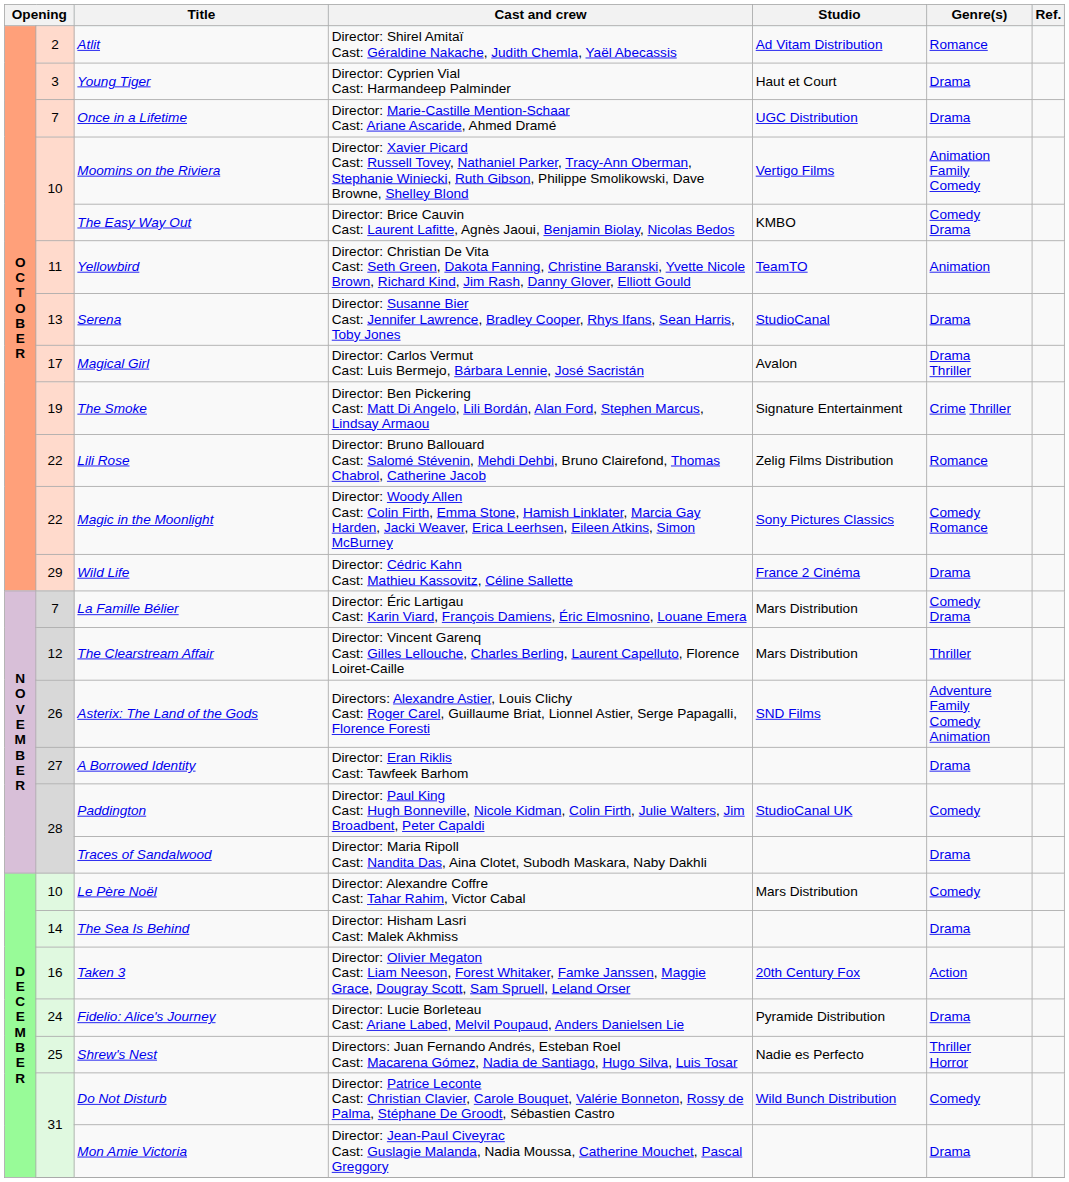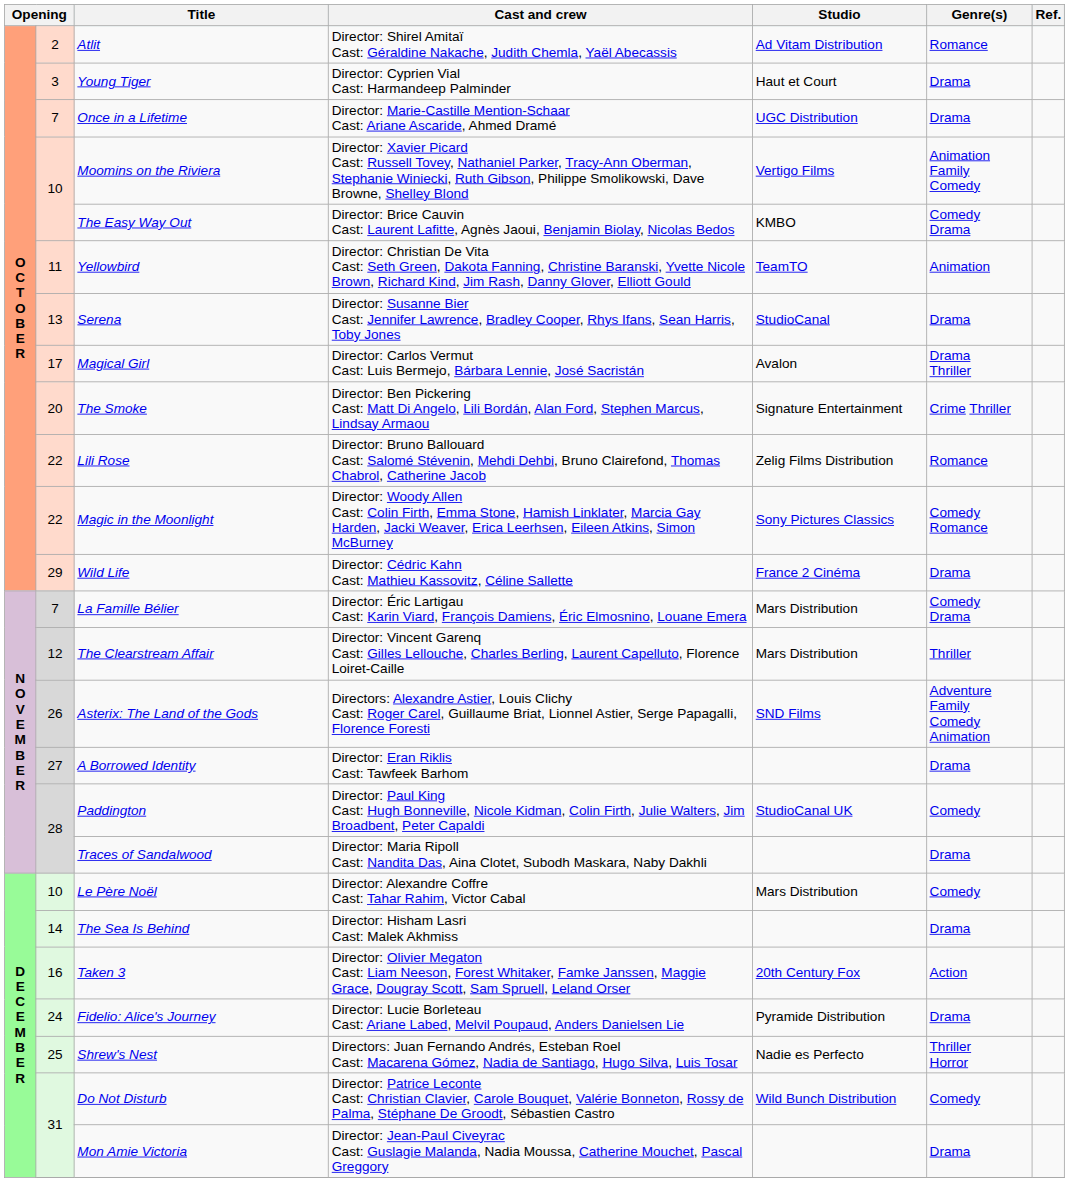 <table class="wikitable">
 <tr style="background:#b0e0e6; text-align:center;">
 <th colspan="2">Opening</th>
 <th style="width:24%;">Title</th>
 <th style="width:40%;">Cast and crew</th>
 <th>Studio</th>
 <th style="width:10%;">Genre(s)</th>
 <th style="width:2%;">Ref.</th>
 </tr>
 <tr>
 <th rowspan="12" style="text-align:center; background:#ffa07a; textcolor:#000;">O<br>C<br>T<br>O<br>B<br>E<br>R</th>
 <td rowspan="1" style="text-align:center; background:#ffdacc;">2</td>
 <td><em><a href='#'>Atlit</a></em></td>
 <td>Director: Shirel Amitaï <br> Cast: <a href='#'>Géraldine Nakache</a>, <a href='#'>Judith Chemla</a>, <a href='#'>Yaël Abecassis</a></td>
 <td><a href='#'>Ad Vitam Distribution</a></td>
 <td><a href='#'>Romance</a></td>
 <td style="text-align:center"></td>
 </tr>
 <tr>
 <td rowspan="1" style="text-align:center; background:#ffdacc;">3</td>
 <td><em><a href='#'>Young Tiger</a></em></td>
 <td>Director: Cyprien Vial <br> Cast: Harmandeep Palminder</td>
 <td>Haut et Court</td>
 <td><a href='#'>Drama</a></td>
 <td style="text-align:center"></td>
 </tr>
 <tr>
 <td rowspan="1" style="text-align:center; background:#ffdacc;">7</td>
 <td><em><a href='#'>Once in a Lifetime</a></em></td>
 <td>Director: <a href='#'>Marie-Castille Mention-Schaar</a> <br> Cast: <a href='#'>Ariane Ascaride</a>, Ahmed Dramé</td>
 <td><a href='#'>UGC Distribution</a></td>
 <td><a href='#'>Drama</a></td>
 <td style="text-align:center"></td>
 </tr>
 <tr>
 <td rowspan="2" style="text-align:center; background:#ffdacc;">10</td>
 <td><em><a href='#'>Moomins on the Riviera</a></em></td>
 <td>Director: <a href='#'>Xavier Picard</a> <br> Cast: <a href='#'>Russell Tovey</a>, <a href='#'>Nathaniel Parker</a>, <a href='#'>Tracy-Ann Oberman</a>, <a href='#'>Stephanie Winiecki</a>, <a href='#'>Ruth Gibson</a>, Philippe Smolikowski, Dave Browne, <a href='#'>Shelley Blond</a></td>
 <td><a href='#'>Vertigo Films</a></td>
 <td><a href='#'>Animation</a> <br> <a href='#'>Family</a> <br> <a href='#'>Comedy</a></td>
 <td style="text-align:center"></td>
 </tr>
 <tr>
 <td><em><a href='#'>The Easy Way Out</a></em></td>
 <td>Director: Brice Cauvin <br> Cast: <a href='#'>Laurent Lafitte</a>, Agnès Jaoui, <a href='#'>Benjamin Biolay</a>, <a href='#'>Nicolas Bedos</a></td>
 <td>KMBO</td>
 <td><a href='#'>Comedy</a> <br> <a href='#'>Drama</a></td>
 <td style="text-align:center"></td>
 </tr>
 <tr>
 <td rowspan="1" style="text-align:center; background:#ffdacc;">11</td>
 <td><em><a href='#'>Yellowbird</a></em></td>
 <td>Director: Christian De Vita <br> Cast: <a href='#'>Seth Green</a>, <a href='#'>Dakota Fanning</a>, <a href='#'>Christine Baranski</a>, <a href='#'>Yvette Nicole Brown</a>, <a href='#'>Richard Kind</a>, <a href='#'>Jim Rash</a>, <a href='#'>Danny Glover</a>, <a href='#'>Elliott Gould</a></td>
 <td><a href='#'>TeamTO</a></td>
 <td><a href='#'>Animation</a></td>
 <td style="text-align:center"></td>
 </tr>
 <tr>
 <td rowspan="1" style="text-align:center; background:#ffdacc;">13</td>
 <td><em><a href='#'>Serena</a></em></td>
 <td>Director: <a href='#'>Susanne Bier</a> <br> Cast: <a href='#'>Jennifer Lawrence</a>, <a href='#'>Bradley Cooper</a>, <a href='#'>Rhys Ifans</a>, <a href='#'>Sean Harris</a>, <a href='#'>Toby Jones</a></td>
 <td><a href='#'>StudioCanal</a></td>
 <td><a href='#'>Drama</a></td>
 <td style="text-align:center"></td>
 </tr>
 <tr>
 <td rowspan="1" style="text-align:center; background:#ffdacc;">17</td>
 <td><em><a href='#'>Magical Girl</a></em></td>
 <td>Director: Carlos Vermut <br> Cast: Luis Bermejo, <a href='#'>Bárbara Lennie</a>, <a href='#'>José Sacristán</a></td>
 <td>Avalon</td>
 <td><a href='#'>Drama</a> <br> <a href='#'>Thriller</a></td>
 <td style="text-align:center"></td>
 </tr>
 <tr>
-<td rowspan="1" style="text-align:center; background:#ffdacc;">19</td>
+<td rowspan="1" style="text-align:center; background:#ffdacc;">20</td>
 <td><em><a href='#'>The Smoke</a></em></td>
 <td>Director: Ben Pickering <br> Cast: <a href='#'>Matt Di Angelo</a>, <a href='#'>Lili Bordán</a>, <a href='#'>Alan Ford</a>, <a href='#'>Stephen Marcus</a>, <a href='#'>Lindsay Armaou</a></td>
 <td>Signature Entertainment</td>
 <td><a href='#'>Crime</a> <a href='#'>Thriller</a></td>
 <td style="text-align:center"></td>
 </tr>
 <tr>
 <td rowspan="1" style="text-align:center; background:#ffdacc;">22</td>
 <td><em><a href='#'>Lili Rose</a></em></td>
 <td>Director: Bruno Ballouard <br> Cast: <a href='#'>Salomé Stévenin</a>, <a href='#'>Mehdi Dehbi</a>, Bruno Clairefond, <a href='#'>Thomas Chabrol</a>, <a href='#'>Catherine Jacob</a></td>
 <td>Zelig Films Distribution</td>
 <td><a href='#'>Romance</a></td>
 <td style="text-align:center"></td>
 </tr>
 <tr>
 <td rowspan="1" style="text-align:center; background:#ffdacc;">22</td>
 <td><em><a href='#'>Magic in the Moonlight</a></em></td>
 <td>Director: <a href='#'>Woody Allen</a>  <br> Cast: <a href='#'>Colin Firth</a>, <a href='#'>Emma Stone</a>, <a href='#'>Hamish Linklater</a>, <a href='#'>Marcia Gay Harden</a>, <a href='#'>Jacki Weaver</a>, <a href='#'>Erica Leerhsen</a>, <a href='#'>Eileen Atkins</a>, <a href='#'>Simon McBurney</a></td>
 <td><a href='#'>Sony Pictures Classics</a></td>
 <td><a href='#'>Comedy</a>  <br> <a href='#'>Romance</a></td>
 <td style="text-align:center"></td>
 </tr>
 <tr>
 <td rowspan="1" style="text-align:center; background:#ffdacc;">29</td>
 <td><em><a href='#'>Wild Life</a></em></td>
 <td>Director: <a href='#'>Cédric Kahn</a> <br> Cast: <a href='#'>Mathieu Kassovitz</a>, <a href='#'>Céline Sallette</a></td>
 <td><a href='#'>France 2 Cinéma</a></td>
 <td><a href='#'>Drama</a></td>
 <td style="text-align:center"></td>
 </tr>
 <tr>
 <th rowspan="6" style="text-align:center; background:thistle; textcolor:#000;">N<br>O<br>V<br>E<br>M<br>B<br>E<br>R</th>
 <td rowspan="1" style="text-align:center; background:#d8d8d8;">7</td>
 <td><em><a href='#'>La Famille Bélier</a></em></td>
 <td>Director: Éric Lartigau <br> Cast: <a href='#'>Karin Viard</a>, <a href='#'>François Damiens</a>, <a href='#'>Éric Elmosnino</a>, <a href='#'>Louane Emera</a></td>
 <td>Mars Distribution</td>
 <td><a href='#'>Comedy</a> <br> <a href='#'>Drama</a></td>
 <td style="text-align:center"></td>
 </tr>
 <tr>
 <td rowspan="1" style="text-align:center; background:#d8d8d8;">12</td>
 <td><em><a href='#'>The Clearstream Affair</a></em></td>
 <td>Director: Vincent Garenq <br> Cast: <a href='#'>Gilles Lellouche</a>, <a href='#'>Charles Berling</a>, <a href='#'>Laurent Capelluto</a>, Florence Loiret-Caille</td>
 <td>Mars Distribution</td>
 <td><a href='#'>Thriller</a></td>
 <td style="text-align:center"></td>
 </tr>
 <tr>
 <td rowspan="1" style="text-align:center; background:#d8d8d8;">26</td>
 <td><em><a href='#'>Asterix: The Land of the Gods</a></em></td>
 <td>Directors: <a href='#'>Alexandre Astier</a>, Louis Clichy <br> Cast: <a href='#'>Roger Carel</a>, Guillaume Briat, Lionnel Astier, Serge Papagalli, <a href='#'>Florence Foresti</a></td>
 <td><a href='#'>SND Films</a></td>
 <td><a href='#'>Adventure</a> <a href='#'>Family</a> <br> <a href='#'>Comedy</a> <br> <a href='#'>Animation</a></td>
 <td style="text-align:center"></td>
 </tr>
 <tr>
 <td rowspan="1" style="text-align:center; background:#d8d8d8;">27</td>
 <td><em><a href='#'>A Borrowed Identity</a></em></td>
 <td>Director: <a href='#'>Eran Riklis</a> <br> Cast: Tawfeek Barhom</td>
 <td></td>
 <td><a href='#'>Drama</a></td>
 <td style="text-align:center"></td>
 </tr>
 <tr>
 <td rowspan="2" style="text-align:center; background:#d8d8d8;">28</td>
 <td><em><a href='#'>Paddington</a></em></td>
 <td>Director: <a href='#'>Paul King</a> <br> Cast: <a href='#'>Hugh Bonneville</a>, <a href='#'>Nicole Kidman</a>, <a href='#'>Colin Firth</a>, <a href='#'>Julie Walters</a>, <a href='#'>Jim Broadbent</a>, <a href='#'>Peter Capaldi</a></td>
 <td><a href='#'>StudioCanal UK</a></td>
 <td><a href='#'>Comedy</a></td>
 <td style="text-align:center"></td>
 </tr>
 <tr>
 <td><em><a href='#'>Traces of Sandalwood</a></em></td>
 <td>Director: Maria Ripoll <br> Cast: <a href='#'>Nandita Das</a>, Aina Clotet, Subodh Maskara, Naby Dakhli</td>
 <td></td>
 <td><a href='#'>Drama</a></td>
 <td style="text-align:center"></td>
 </tr>
 <tr>
 <th rowspan="8" style="text-align:center; background:#98fb98; textcolor:#000;">D<br>E<br>C<br>E<br>M<br>B<br>E<br>R</th>
 <td rowspan="1" style="text-align:center; background:#e0f9e0;">10</td>
 <td><em><a href='#'>Le Père Noël</a></em></td>
 <td>Director: Alexandre Coffre <br> Cast: <a href='#'>Tahar Rahim</a>, Victor Cabal</td>
 <td>Mars Distribution</td>
 <td><a href='#'>Comedy</a></td>
 <td style="text-align:center"></td>
 </tr>
 <tr>
 <td rowspan="1" style="text-align:center; background:#e0f9e0;">14</td>
 <td><em><a href='#'>The Sea Is Behind</a></em></td>
 <td>Director: Hisham Lasri <br> Cast: Malek Akhmiss</td>
 <td></td>
 <td><a href='#'>Drama</a></td>
 <td style="text-align:center"></td>
 </tr>
 <tr>
 <td rowspan="1" style="text-align:center; background:#e0f9e0;">16</td>
 <td><em><a href='#'>Taken 3</a></em></td>
 <td>Director: <a href='#'>Olivier Megaton</a> <br> Cast: <a href='#'>Liam Neeson</a>, <a href='#'>Forest Whitaker</a>, <a href='#'>Famke Janssen</a>, <a href='#'>Maggie Grace</a>, <a href='#'>Dougray Scott</a>, <a href='#'>Sam Spruell</a>, <a href='#'>Leland Orser</a></td>
 <td><a href='#'>20th Century Fox</a></td>
 <td><a href='#'>Action</a></td>
 <td style="text-align:center"></td>
 </tr>
 <tr>
 <td rowspan="1" style="text-align:center; background:#e0f9e0;">24</td>
 <td><em><a href='#'>Fidelio: Alice's Journey</a></em></td>
 <td>Director: Lucie Borleteau <br> Cast: <a href='#'>Ariane Labed</a>, <a href='#'>Melvil Poupaud</a>, <a href='#'>Anders Danielsen Lie</a></td>
 <td>Pyramide Distribution</td>
 <td><a href='#'>Drama</a></td>
 <td style="text-align:center"></td>
 </tr>
 <tr>
 <td rowspan="1" style="text-align:center; background:#e0f9e0;">25</td>
 <td><em><a href='#'>Shrew's Nest</a></em></td>
 <td>Directors: Juan Fernando Andrés, Esteban Roel <br> Cast: <a href='#'>Macarena Gómez</a>, <a href='#'>Nadia de Santiago</a>, <a href='#'>Hugo Silva</a>, <a href='#'>Luis Tosar</a></td>
 <td>Nadie es Perfecto</td>
 <td><a href='#'>Thriller</a> <br> <a href='#'>Horror</a></td>
 <td style="text-align:center"></td>
 </tr>
 <tr>
 <td rowspan="2" style="text-align:center; background:#e0f9e0;">31</td>
 <td><em><a href='#'>Do Not Disturb</a></em></td>
 <td>Director: <a href='#'>Patrice Leconte</a> <br> Cast: <a href='#'>Christian Clavier</a>, <a href='#'>Carole Bouquet</a>, <a href='#'>Valérie Bonneton</a>, <a href='#'>Rossy de Palma</a>, <a href='#'>Stéphane De Groodt</a>, Sébastien Castro</td>
 <td><a href='#'>Wild Bunch Distribution</a></td>
 <td><a href='#'>Comedy</a></td>
 <td style="text-align:center"></td>
 </tr>
 <tr>
 <td><em><a href='#'>Mon Amie Victoria</a></em></td>
 <td>Director: <a href='#'>Jean-Paul Civeyrac</a> <br> Cast: <a href='#'>Guslagie Malanda</a>, Nadia Moussa, <a href='#'>Catherine Mouchet</a>, <a href='#'>Pascal Greggory</a></td>
 <td></td>
 <td><a href='#'>Drama</a></td>
 <td style="text-align:center"></td>
 </tr>
 <tr>
 </tr>
 </table>
